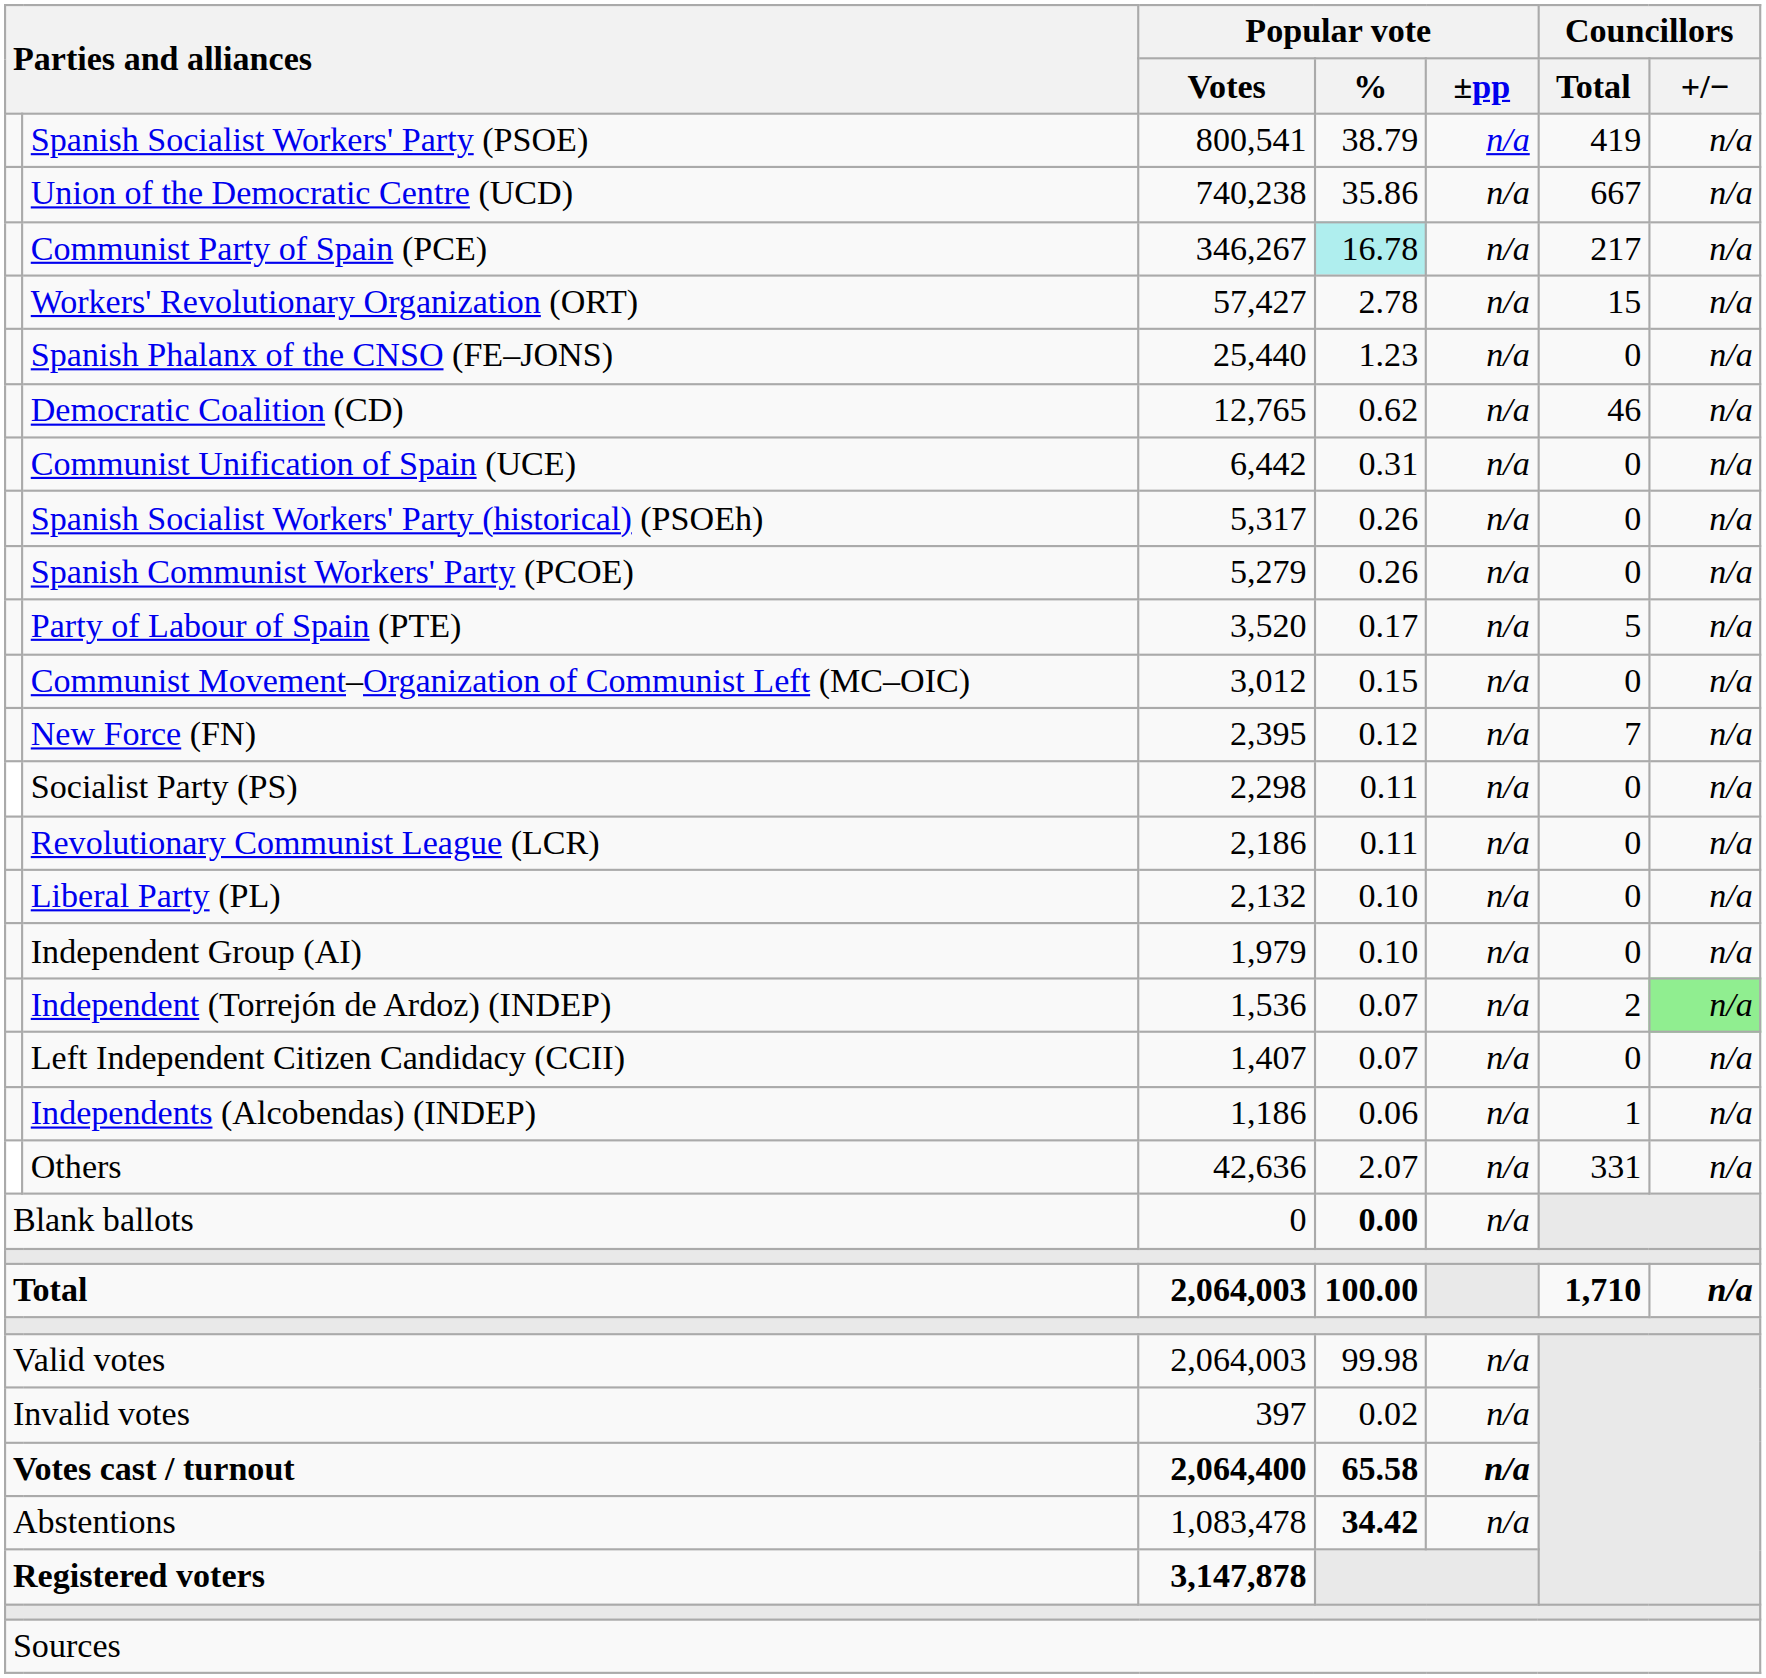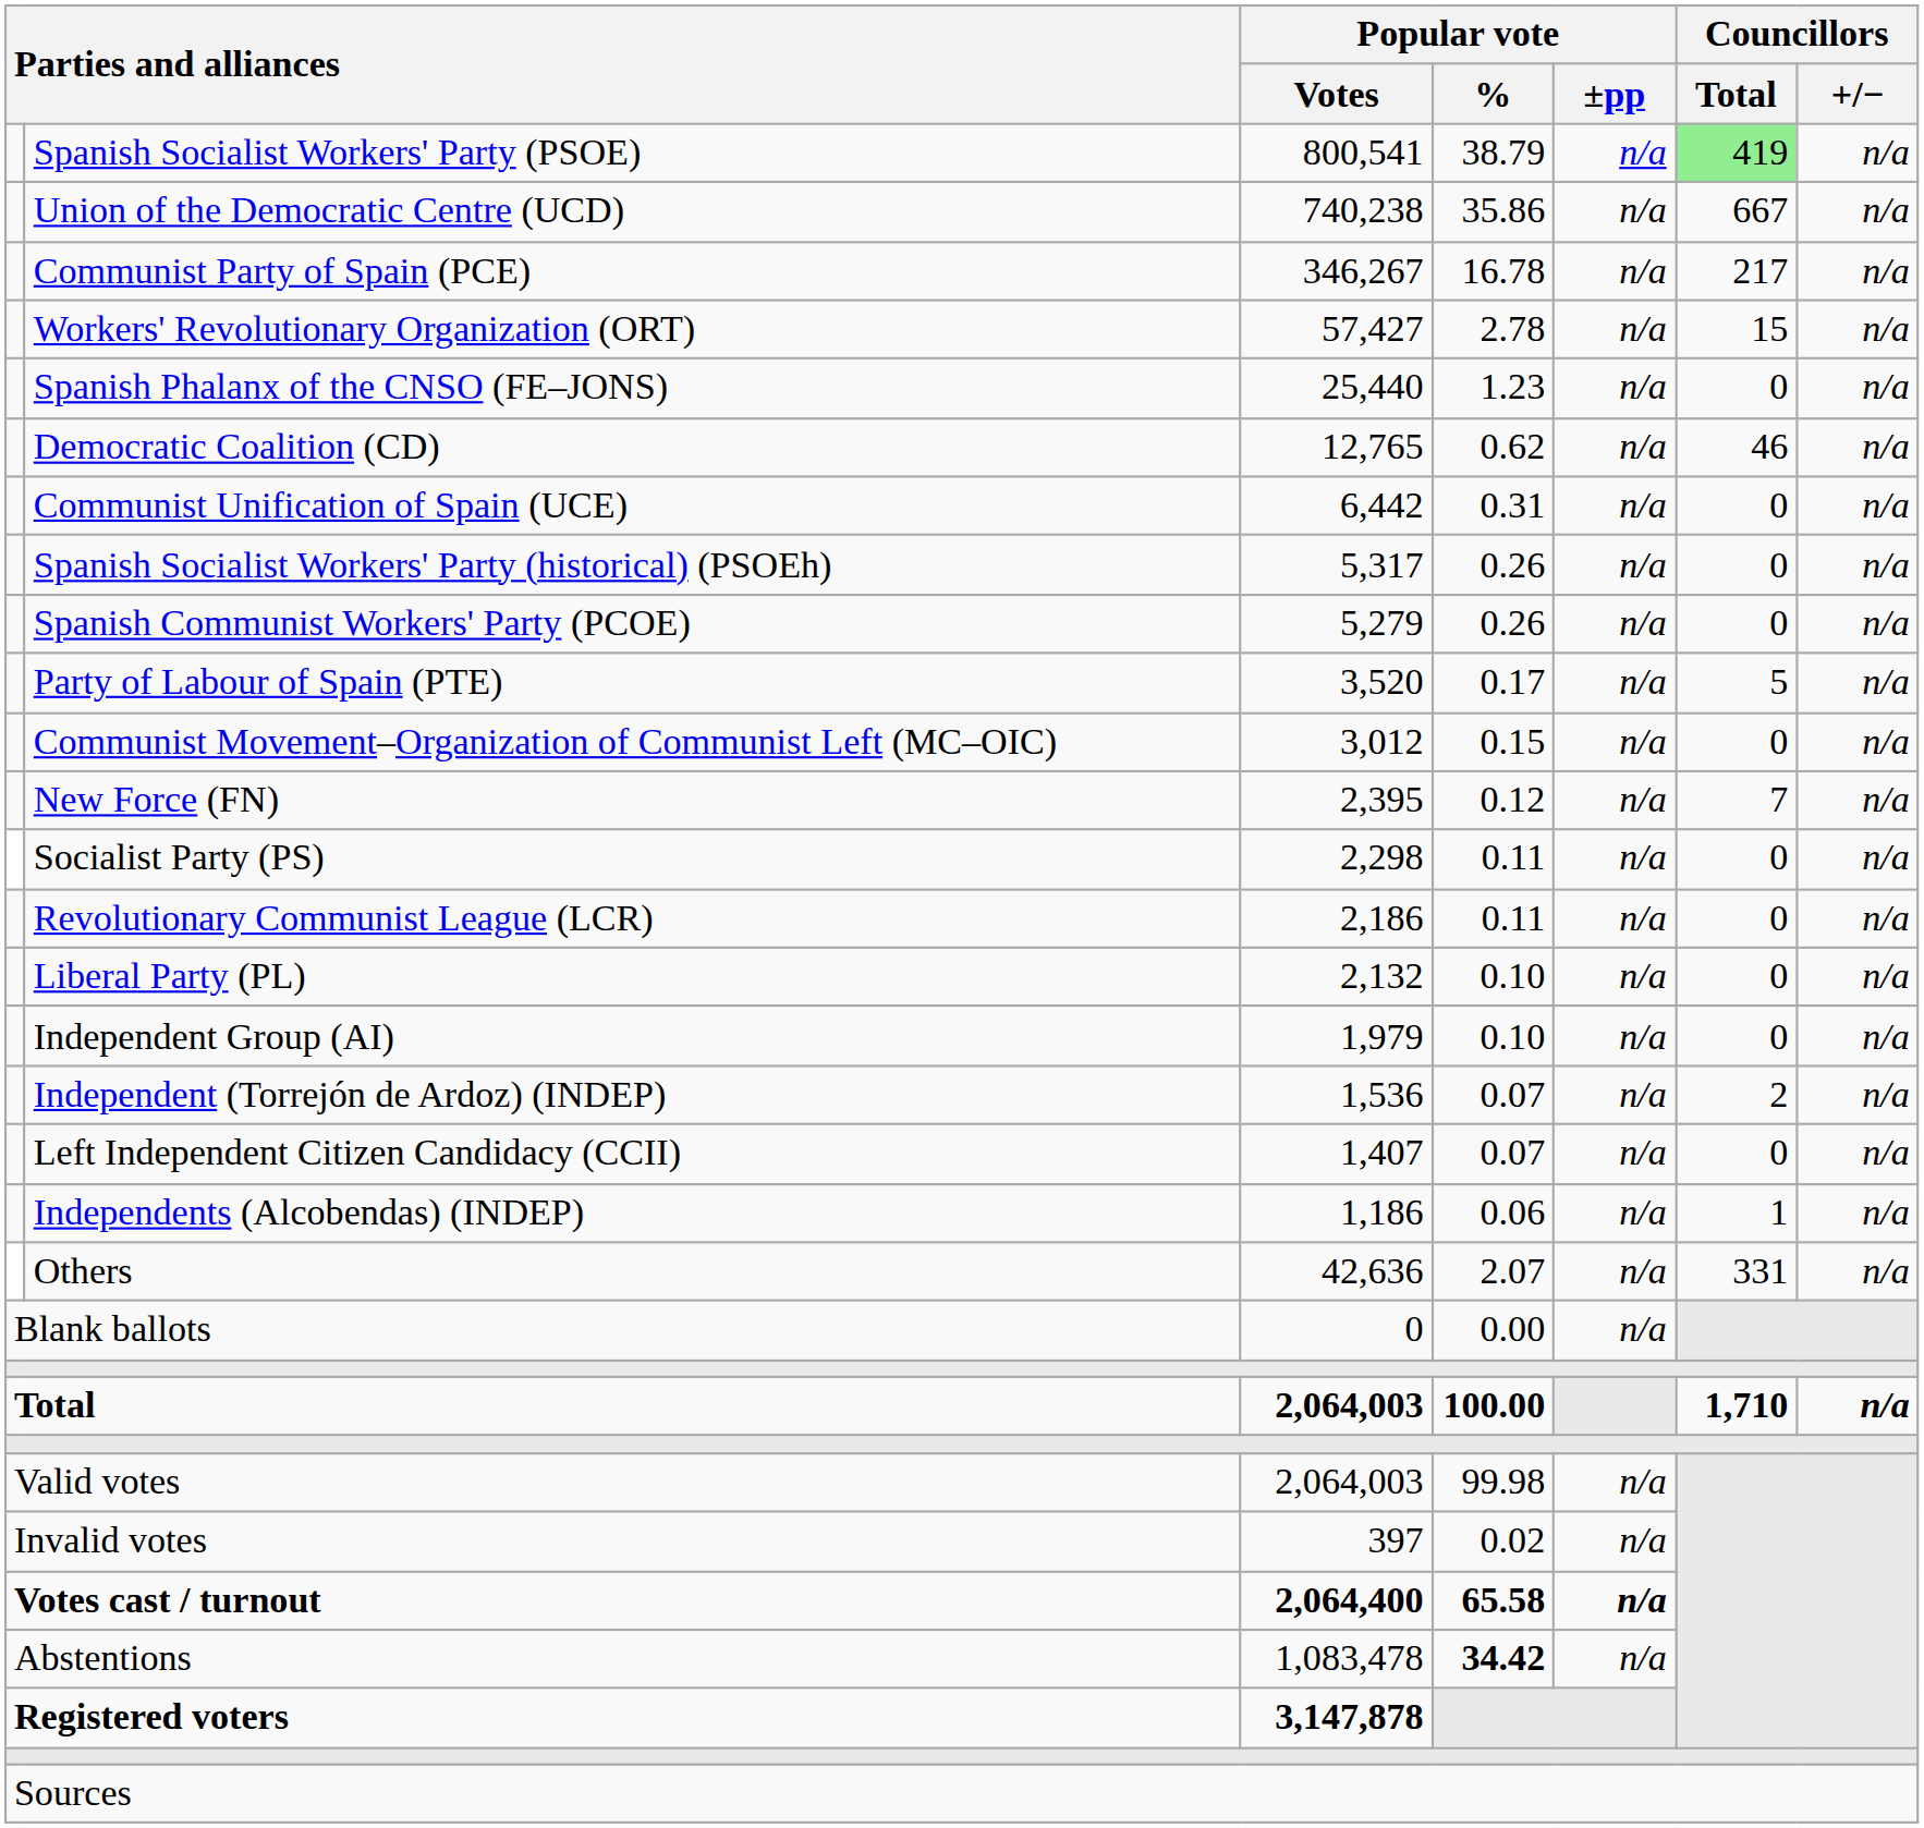 <table class="wikitable" style="text-align:right;">
 <tr>
 <th style="text-align:left;" rowspan="2" colspan="2" width="525">Parties and alliances</th>
 <th colspan="3">Popular vote</th>
 <th colspan="2">Councillors</th>
 </tr>
 <tr>
 <th width="75">Votes</th>
 <th width="45">%</th>
 <th width="45">±<a href='#'>pp</a></th>
 <th width="45">Total</th>
 <th width="45">+/−</th>
 </tr>
 <tr>
 <td width="1" style="color:inherit;background:"></td>
 <td align="left"><a href='#'>Spanish Socialist Workers' Party</a> (PSOE)</td>
 <td>800,541</td>
 <td>38.79</td>
 <td><em><a href='#'>n/a</a></em></td>
-<td>419</td>
+<td style="background: lightgreen;">419</td>
 <td><em>n/a</em></td>
 </tr>
 <tr>
 <td style="color:inherit;background:"></td>
 <td align="left"><a href='#'>Union of the Democratic Centre</a> (UCD)</td>
 <td>740,238</td>
 <td>35.86</td>
 <td><em>n/a</em></td>
 <td>667</td>
 <td><em>n/a</em></td>
 </tr>
 <tr>
 <td style="color:inherit;background:"></td>
 <td align="left"><a href='#'>Communist Party of Spain</a> (PCE)</td>
 <td>346,267</td>
-<td style="background: paleturquoise;">16.78</td>
+<td>16.78</td>
 <td><em>n/a</em></td>
 <td>217</td>
 <td><em>n/a</em></td>
 </tr>
 <tr>
 <td style="color:inherit;background:"></td>
 <td align="left"><a href='#'>Workers' Revolutionary Organization</a> (ORT)</td>
 <td>57,427</td>
 <td>2.78</td>
 <td><em>n/a</em></td>
 <td>15</td>
 <td><em>n/a</em></td>
 </tr>
 <tr>
 <td style="color:inherit;background:"></td>
 <td align="left"><a href='#'>Spanish Phalanx of the CNSO</a> (FE–JONS)</td>
 <td>25,440</td>
 <td>1.23</td>
 <td><em>n/a</em></td>
 <td>0</td>
 <td><em>n/a</em></td>
 </tr>
 <tr>
 <td style="color:inherit;background:"></td>
 <td align="left"><a href='#'>Democratic Coalition</a> (CD)</td>
 <td>12,765</td>
 <td>0.62</td>
 <td><em>n/a</em></td>
 <td>46</td>
 <td><em>n/a</em></td>
 </tr>
 <tr>
 <td style="color:inherit;background:"></td>
 <td align="left"><a href='#'>Communist Unification of Spain</a> (UCE)</td>
 <td>6,442</td>
 <td>0.31</td>
 <td><em>n/a</em></td>
 <td>0</td>
 <td><em>n/a</em></td>
 </tr>
 <tr>
 <td style="color:inherit;background:"></td>
 <td align="left"><a href='#'>Spanish Socialist Workers' Party (historical)</a> (PSOEh)</td>
 <td>5,317</td>
 <td>0.26</td>
 <td><em>n/a</em></td>
 <td>0</td>
 <td><em>n/a</em></td>
 </tr>
 <tr>
 <td style="color:inherit;background:"></td>
 <td align="left"><a href='#'>Spanish Communist Workers' Party</a> (PCOE)</td>
 <td>5,279</td>
 <td>0.26</td>
 <td><em>n/a</em></td>
 <td>0</td>
 <td><em>n/a</em></td>
 </tr>
 <tr>
 <td style="color:inherit;background:"></td>
 <td align="left"><a href='#'>Party of Labour of Spain</a> (PTE)</td>
 <td>3,520</td>
 <td>0.17</td>
 <td><em>n/a</em></td>
 <td>5</td>
 <td><em>n/a</em></td>
 </tr>
 <tr>
 <td style="color:inherit;background:"></td>
 <td align="left"><a href='#'>Communist Movement</a>–<a href='#'>Organization of Communist Left</a> (MC–OIC)</td>
 <td>3,012</td>
 <td>0.15</td>
 <td><em>n/a</em></td>
 <td>0</td>
 <td><em>n/a</em></td>
 </tr>
 <tr>
 <td style="color:inherit;background:"></td>
 <td align="left"><a href='#'>New Force</a> (FN)</td>
 <td>2,395</td>
 <td>0.12</td>
 <td><em>n/a</em></td>
 <td>7</td>
 <td><em>n/a</em></td>
 </tr>
 <tr>
 <td bgcolor="white"></td>
 <td align="left">Socialist Party (PS)</td>
 <td>2,298</td>
 <td>0.11</td>
 <td><em>n/a</em></td>
 <td>0</td>
 <td><em>n/a</em></td>
 </tr>
 <tr>
 <td style="color:inherit;background:"></td>
 <td align="left"><a href='#'>Revolutionary Communist League</a> (LCR)</td>
 <td>2,186</td>
 <td>0.11</td>
 <td><em>n/a</em></td>
 <td>0</td>
 <td><em>n/a</em></td>
 </tr>
 <tr>
 <td style="color:inherit;background:"></td>
 <td align="left"><a href='#'>Liberal Party</a> (PL)</td>
 <td>2,132</td>
 <td>0.10</td>
 <td><em>n/a</em></td>
 <td>0</td>
 <td><em>n/a</em></td>
 </tr>
 <tr>
 <td style="color:inherit;background:"></td>
 <td align="left">Independent Group (AI)</td>
 <td>1,979</td>
 <td>0.10</td>
 <td><em>n/a</em></td>
 <td>0</td>
 <td><em>n/a</em></td>
 </tr>
 <tr>
 <td style="color:inherit;background:"></td>
 <td align="left"><a href='#'>Independent</a> (Torrejón de Ardoz) (INDEP)</td>
 <td>1,536</td>
 <td>0.07</td>
 <td><em>n/a</em></td>
 <td>2</td>
-<td style="background: lightgreen;"><em>n/a</em></td>
+<td><em>n/a</em></td>
 </tr>
 <tr>
 <td style="color:inherit;background:"></td>
 <td align="left">Left Independent Citizen Candidacy (CCII)</td>
 <td>1,407</td>
 <td>0.07</td>
 <td><em>n/a</em></td>
 <td>0</td>
 <td><em>n/a</em></td>
 </tr>
 <tr>
 <td style="color:inherit;background:"></td>
 <td align="left"><a href='#'>Independents</a> (Alcobendas) (INDEP)</td>
 <td>1,186</td>
 <td>0.06</td>
 <td><em>n/a</em></td>
 <td>1</td>
 <td><em>n/a</em></td>
 </tr>
 <tr>
 <td bgcolor="white"></td>
 <td align="left">Others</td>
 <td>42,636</td>
 <td>2.07</td>
 <td><em>n/a</em></td>
 <td>331</td>
 <td><em>n/a</em></td>
 </tr>
 <tr>
 <td align="left" colspan="2">Blank ballots</td>
 <td>0</td>
-<td><strong>0.00</strong></td>
+<td>0.00</td>
 <td><em>n/a</em></td>
 <td bgcolor="#E9E9E9" colspan="2"></td>
 </tr>
 <tr>
 <td colspan="7" bgcolor="#E9E9E9"></td>
 </tr>
 <tr style="font-weight:bold;">
 <td align="left" colspan="2">Total</td>
 <td>2,064,003</td>
 <td>100.00</td>
 <td bgcolor="#E9E9E9"></td>
 <td>1,710</td>
 <td><em>n/a</em></td>
 </tr>
 <tr>
 <td colspan="7" bgcolor="#E9E9E9"></td>
 </tr>
 <tr>
 <td align="left" colspan="2">Valid votes</td>
 <td>2,064,003</td>
 <td>99.98</td>
 <td><em>n/a</em></td>
 <td bgcolor="#E9E9E9" colspan="2" rowspan="5"></td>
 </tr>
 <tr>
 <td align="left" colspan="2">Invalid votes</td>
 <td>397</td>
 <td>0.02</td>
 <td><em>n/a</em></td>
 </tr>
 <tr style="font-weight:bold;">
 <td align="left" colspan="2">Votes cast / turnout</td>
 <td>2,064,400</td>
 <td>65.58</td>
 <td><em>n/a</em></td>
 </tr>
 <tr>
 <td align="left" colspan="2">Abstentions</td>
 <td>1,083,478</td>
 <td><strong>34.42</strong></td>
 <td><em>n/a</em></td>
 </tr>
 <tr style="font-weight:bold;">
 <td align="left" colspan="2">Registered voters</td>
 <td>3,147,878</td>
 <td bgcolor="#E9E9E9" colspan="2"></td>
 </tr>
 <tr>
 <td colspan="7" bgcolor="#E9E9E9"></td>
 </tr>
 <tr>
 <td align="left" colspan="7">Sources</td>
 </tr>
 </table>
